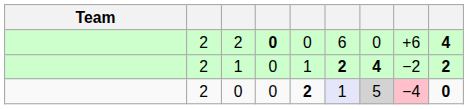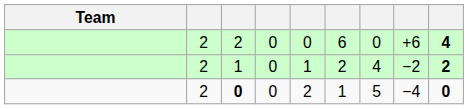 <table class="wikitable" style="text-align: center; font-size:90% ">
 <tr>
 <th width=160>Team</th>
 <th width=25></th>
 <th width=25></th>
 <th width=25></th>
 <th width=25></th>
 <th width=25></th>
 <th width=25></th>
 <th width=25></th>
 <th width=25></th>
 </tr>
 <tr bgcolor=ccffcc>
 <td align=left></td>
 <td>2</td>
 <td>2</td>
-<td><strong>0</strong></td>
+<td>0</td>
 <td>0</td>
 <td>6</td>
 <td>0</td>
 <td>+6</td>
 <td><strong>4</strong></td>
 </tr>
 <tr bgcolor=ccffcc>
 <td align=left></td>
 <td>2</td>
 <td>1</td>
 <td>0</td>
 <td>1</td>
-<td><strong>2</strong></td>
-<td><strong>4</strong></td>
+<td>2</td>
+<td>4</td>
 <td>−2</td>
 <td><strong>2</strong></td>
 </tr>
 <tr>
 <td align=left></td>
 <td>2</td>
+<td><strong>0</strong></td>
 <td>0</td>
-<td>0</td>
-<td><strong>2</strong></td>
-<td style="background: lavender;">1</td>
-<td style="background: lightgrey;">5</td>
-<td style="background: pink;">−4</td>
+<td>2</td>
+<td>1</td>
+<td>5</td>
+<td>−4</td>
 <td><strong>0</strong></td>
 </tr>
 </table>
